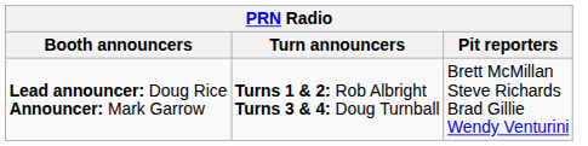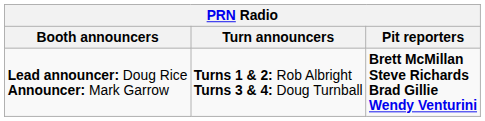 <table class="wikitable" style="font-size: 95%;">
 <tr>
 <th colspan="3"><a href='#'>PRN</a> Radio</th>
 </tr>
 <tr>
 <th>Booth announcers</th>
 <th>Turn announcers</th>
 <th>Pit reporters</th>
 </tr>
 <tr>
 <td><strong>Lead announcer:</strong> Doug Rice<br><strong>Announcer:</strong> Mark Garrow</td>
 <td><strong>Turns 1 & 2:</strong> Rob Albright<br><strong>Turns 3 & 4:</strong> Doug Turnball</td>
-<td>Brett McMillan<br>Steve Richards<br>Brad Gillie<br><a href='#'>Wendy Venturini</a></td>
+<td><strong>Brett McMillan<br>Steve Richards<br>Brad Gillie<br><a href='#'>Wendy Venturini</a></strong></td>
 </tr>
 </table>
